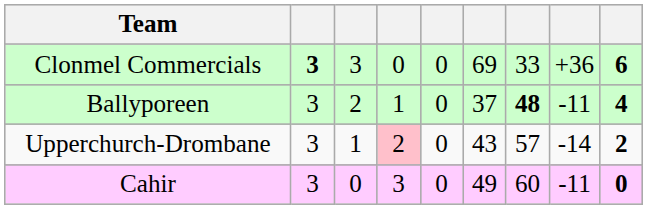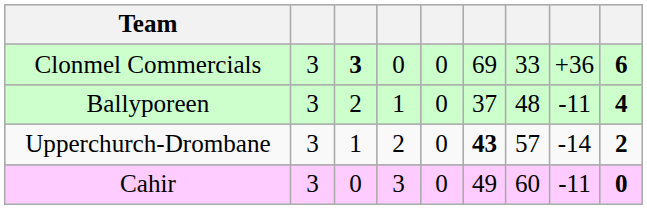 <table class="wikitable" style="text-align:center">
 <tr>
 <th style="width:175px;">Team</th>
 <th width="20"></th>
 <th width="20"></th>
 <th width="20"></th>
 <th width="20"></th>
 <th width="20"></th>
 <th width="20"></th>
 <th width="20"></th>
 <th width="20"></th>
 </tr>
 <tr style="background:#cfc;">
 <td>Clonmel Commercials</td>
+<td>3</td>
 <td><strong>3</strong></td>
-<td>3</td>
 <td>0</td>
 <td>0</td>
 <td>69</td>
 <td>33</td>
 <td>+36</td>
 <td><strong>6</strong></td>
 </tr>
 <tr style="background:#cfc;">
 <td>Ballyporeen</td>
 <td>3</td>
 <td>2</td>
 <td>1</td>
 <td>0</td>
 <td>37</td>
-<td><strong>48</strong></td>
+<td>48</td>
 <td>-11</td>
 <td><strong>4</strong></td>
 </tr>
 <tr>
 <td>Upperchurch-Drombane</td>
 <td>3</td>
 <td>1</td>
-<td style="background: pink;">2</td>
+<td>2</td>
 <td>0</td>
-<td>43</td>
+<td><strong>43</strong></td>
 <td>57</td>
 <td>-14</td>
 <td><strong>2</strong></td>
 </tr>
 <tr style="background:#fcf;">
 <td>Cahir</td>
 <td>3</td>
 <td>0</td>
 <td>3</td>
 <td>0</td>
 <td>49</td>
 <td>60</td>
 <td>-11</td>
 <td><strong>0</strong></td>
 </tr>
 </table>
